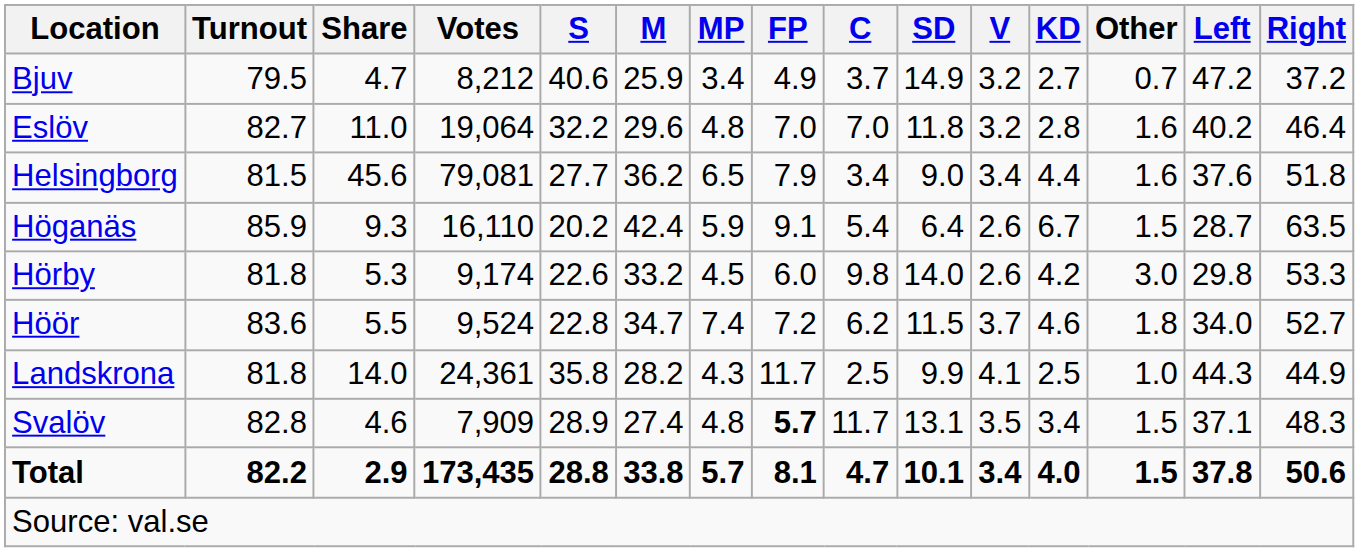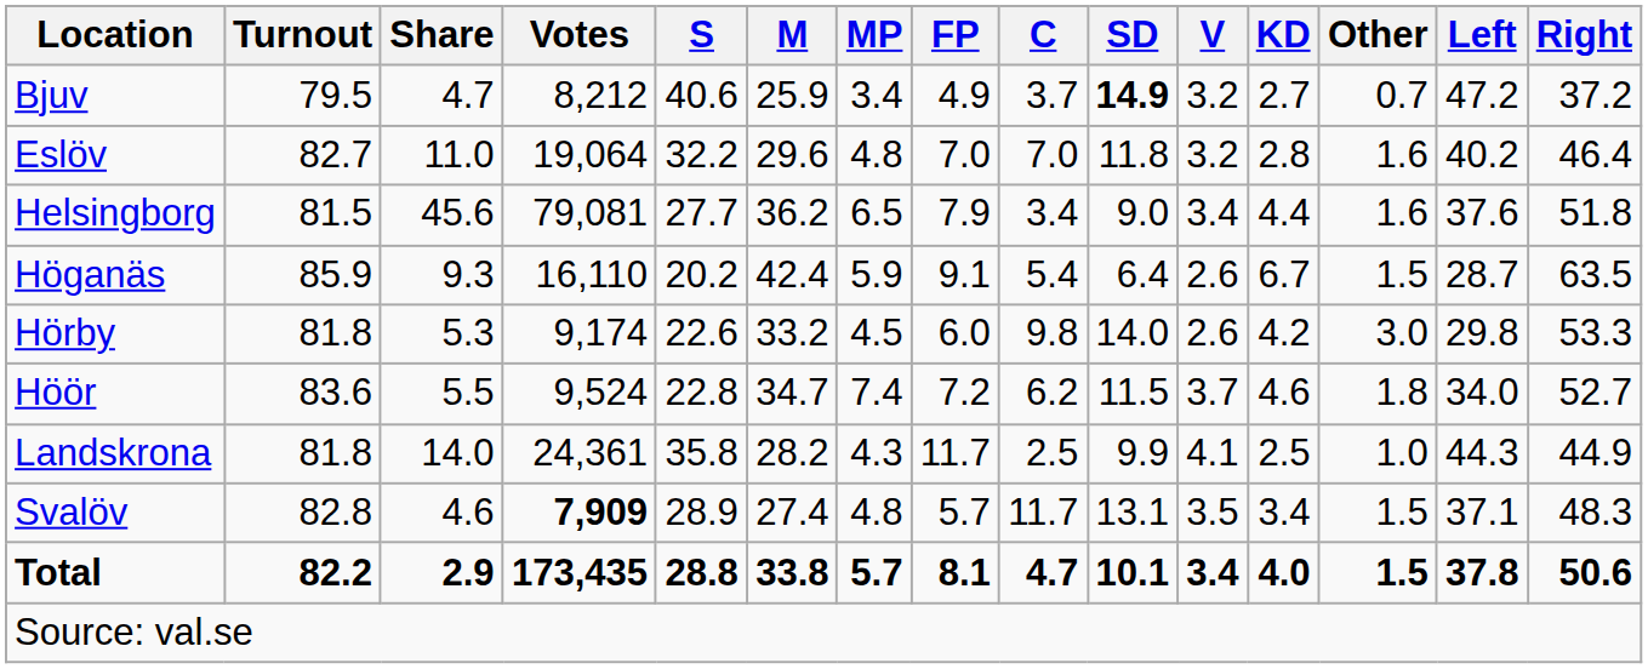 <table class="wikitable sortable" style=text-align:right>
 <tr>
 <th>Location</th>
 <th>Turnout</th>
 <th>Share</th>
 <th>Votes</th>
 <th><a href='#'>S</a></th>
 <th><a href='#'>M</a></th>
 <th><a href='#'>MP</a></th>
 <th><a href='#'>FP</a></th>
 <th><a href='#'>C</a></th>
 <th><a href='#'>SD</a></th>
 <th><a href='#'>V</a></th>
 <th><a href='#'>KD</a></th>
 <th>Other</th>
 <th><a href='#'>Left</a></th>
 <th><a href='#'>Right</a></th>
 </tr>
 <tr>
 <td align=left><a href='#'>Bjuv</a></td>
 <td>79.5</td>
 <td>4.7</td>
 <td>8,212</td>
 <td>40.6</td>
 <td>25.9</td>
 <td>3.4</td>
 <td>4.9</td>
 <td>3.7</td>
-<td>14.9</td>
+<td><strong>14.9</strong></td>
 <td>3.2</td>
 <td>2.7</td>
 <td>0.7</td>
 <td>47.2</td>
 <td>37.2</td>
 </tr>
 <tr>
 <td align=left><a href='#'>Eslöv</a></td>
 <td>82.7</td>
 <td>11.0</td>
 <td>19,064</td>
 <td>32.2</td>
 <td>29.6</td>
 <td>4.8</td>
 <td>7.0</td>
 <td>7.0</td>
 <td>11.8</td>
 <td>3.2</td>
 <td>2.8</td>
 <td>1.6</td>
 <td>40.2</td>
 <td>46.4</td>
 </tr>
 <tr>
 <td align=left><a href='#'>Helsingborg</a></td>
 <td>81.5</td>
 <td>45.6</td>
 <td>79,081</td>
 <td>27.7</td>
 <td>36.2</td>
 <td>6.5</td>
 <td>7.9</td>
 <td>3.4</td>
 <td>9.0</td>
 <td>3.4</td>
 <td>4.4</td>
 <td>1.6</td>
 <td>37.6</td>
 <td>51.8</td>
 </tr>
 <tr>
 <td align=left><a href='#'>Höganäs</a></td>
 <td>85.9</td>
 <td>9.3</td>
 <td>16,110</td>
 <td>20.2</td>
 <td>42.4</td>
 <td>5.9</td>
 <td>9.1</td>
 <td>5.4</td>
 <td>6.4</td>
 <td>2.6</td>
 <td>6.7</td>
 <td>1.5</td>
 <td>28.7</td>
 <td>63.5</td>
 </tr>
 <tr>
 <td align=left><a href='#'>Hörby</a></td>
 <td>81.8</td>
 <td>5.3</td>
 <td>9,174</td>
 <td>22.6</td>
 <td>33.2</td>
 <td>4.5</td>
 <td>6.0</td>
 <td>9.8</td>
 <td>14.0</td>
 <td>2.6</td>
 <td>4.2</td>
 <td>3.0</td>
 <td>29.8</td>
 <td>53.3</td>
 </tr>
 <tr>
 <td align=left><a href='#'>Höör</a></td>
 <td>83.6</td>
 <td>5.5</td>
 <td>9,524</td>
 <td>22.8</td>
 <td>34.7</td>
 <td>7.4</td>
 <td>7.2</td>
 <td>6.2</td>
 <td>11.5</td>
 <td>3.7</td>
 <td>4.6</td>
 <td>1.8</td>
 <td>34.0</td>
 <td>52.7</td>
 </tr>
 <tr>
 <td align=left><a href='#'>Landskrona</a></td>
 <td>81.8</td>
 <td>14.0</td>
 <td>24,361</td>
 <td>35.8</td>
 <td>28.2</td>
 <td>4.3</td>
 <td>11.7</td>
 <td>2.5</td>
 <td>9.9</td>
 <td>4.1</td>
 <td>2.5</td>
 <td>1.0</td>
 <td>44.3</td>
 <td>44.9</td>
 </tr>
 <tr>
 <td align=left><a href='#'>Svalöv</a></td>
 <td>82.8</td>
 <td>4.6</td>
-<td>7,909</td>
+<td><strong>7,909</strong></td>
 <td>28.9</td>
 <td>27.4</td>
 <td>4.8</td>
-<td><strong>5.7</strong></td>
+<td>5.7</td>
 <td>11.7</td>
 <td>13.1</td>
 <td>3.5</td>
 <td>3.4</td>
 <td>1.5</td>
 <td>37.1</td>
 <td>48.3</td>
 </tr>
 <tr>
 <td align=left><strong>Total</strong></td>
 <td><strong>82.2</strong></td>
 <td><strong>2.9</strong></td>
 <td><strong>173,435</strong></td>
 <td><strong>28.8</strong></td>
 <td><strong>33.8</strong></td>
 <td><strong>5.7</strong></td>
 <td><strong>8.1</strong></td>
 <td><strong>4.7</strong></td>
 <td><strong>10.1</strong></td>
 <td><strong>3.4</strong></td>
 <td><strong>4.0</strong></td>
 <td><strong>1.5</strong></td>
 <td><strong>37.8</strong></td>
 <td><strong>50.6</strong></td>
 </tr>
 <tr>
 <td align=left colspan=15>Source: val.se </td>
 </tr>
 </table>
